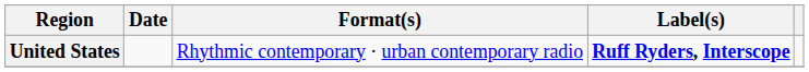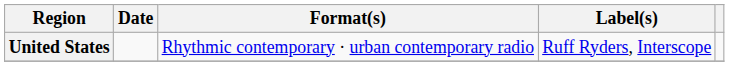 <table class="wikitable plainrowheaders" style="text-align:left">
 <tr>
 <th scope="col">Region</th>
 <th scope="col">Date</th>
 <th scope="col">Format(s)</th>
 <th scope="col">Label(s)</th>
 <th scope="col"></th>
 </tr>
 <tr>
 <th scope="row">United States</th>
 <td></td>
 <td><a href='#'>Rhythmic contemporary</a> · <a href='#'>urban contemporary radio</a></td>
-<td><strong><a href='#'>Ruff Ryders</a>, <a href='#'>Interscope</a></strong></td>
+<td><a href='#'>Ruff Ryders</a>, <a href='#'>Interscope</a></td>
 <td></td>
 </tr>
 <tr>
 </tr>
 </table>
